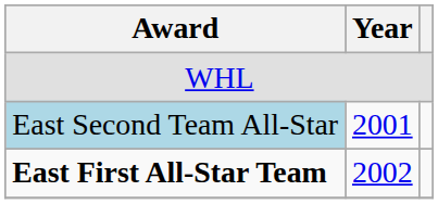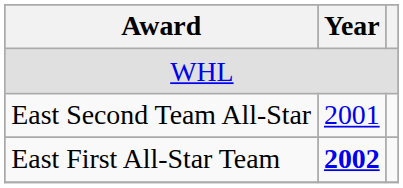 <table class="wikitable">
 <tr>
 <th>Award</th>
 <th>Year</th>
 <th></th>
 </tr>
 <tr ALIGN="center" bgcolor="#e0e0e0">
 <td colspan="3"><a href='#'>WHL</a></td>
 </tr>
 <tr>
-<td style="background: lightblue;">East Second Team All-Star</td>
+<td>East Second Team All-Star</td>
 <td><a href='#'>2001</a></td>
 <td></td>
 </tr>
 <tr>
-<td><strong>East First All-Star Team</strong></td>
-<td><a href='#'>2002</a></td>
+<td>East First All-Star Team</td>
+<td><strong><a href='#'>2002</a></strong></td>
 <td></td>
 </tr>
 <tr>
 </tr>
 </table>
